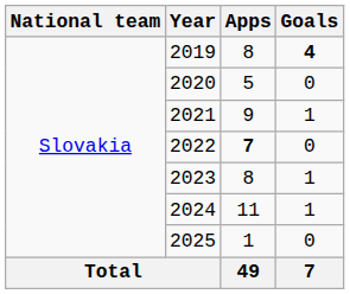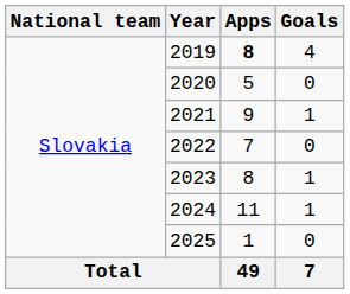 <table class="wikitable" style="text-align:center">
 <tr>
 <th>National team</th>
 <th>Year</th>
 <th>Apps</th>
 <th>Goals</th>
 </tr>
 <tr>
 <td rowspan="7"><a href='#'>Slovakia</a></td>
 <td>2019</td>
-<td>8</td>
-<td><strong>4</strong></td>
+<td><strong>8</strong></td>
+<td>4</td>
 </tr>
 <tr>
 <td>2020</td>
 <td>5</td>
 <td>0</td>
 </tr>
 <tr>
 <td>2021</td>
 <td>9</td>
 <td>1</td>
 </tr>
 <tr>
 <td>2022</td>
-<td><strong>7</strong></td>
+<td>7</td>
 <td>0</td>
 </tr>
 <tr>
 <td>2023</td>
 <td>8</td>
 <td>1</td>
 </tr>
 <tr>
 <td>2024</td>
 <td>11</td>
 <td>1</td>
 </tr>
 <tr>
 <td>2025</td>
 <td>1</td>
 <td>0</td>
 </tr>
 <tr>
 <th colspan="2">Total</th>
 <th>49</th>
 <th>7</th>
 </tr>
 </table>
